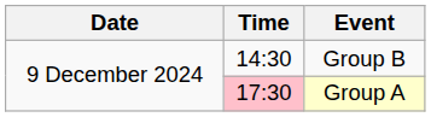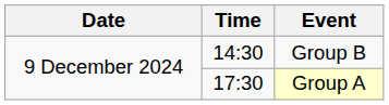 <table class = "wikitable" style="text-align:center;">
 <tr>
 <th width=150>Date</th>
 <th width=50>Time</th>
 <th width=80>Event</th>
 </tr>
 <tr>
 <td rowspan="2">9 December 2024</td>
 <td>14:30</td>
 <td>Group B</td>
 </tr>
 <tr>
-<td style="background: pink;">17:30</td>
+<td>17:30</td>
 <td bgcolor=ffffcc>Group A</td>
 </tr>
 </table>
